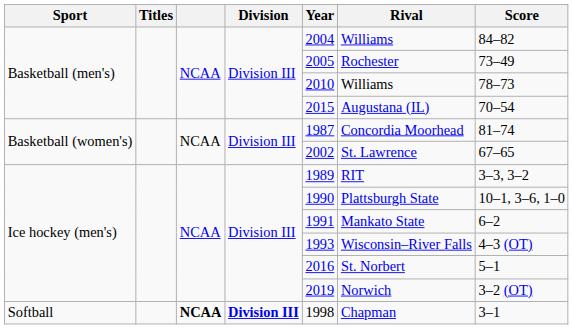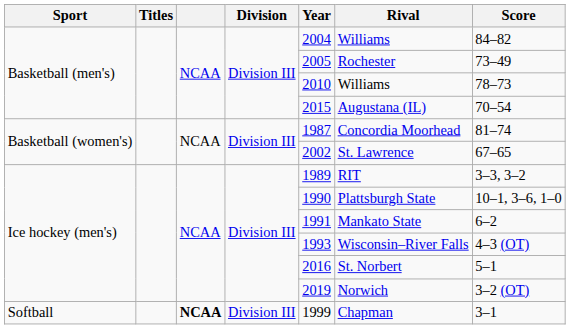 <table class="wikitable">
 <tr>
 <th width=px>Sport</th>
 <th width=px>Titles</th>
 <th width=px></th>
 <th width=px>Division</th>
 <th width=px>Year</th>
 <th width=px>Rival</th>
 <th width=px>Score</th>
 </tr>
 <tr>
 <td rowspan="4">Basketball (men's)</td>
 <td rowspan=4></td>
 <td rowspan="4"><a href='#'>NCAA</a></td>
 <td rowspan="4"><a href='#'>Division III</a></td>
 <td><a href='#'>2004</a></td>
 <td><a href='#'>Williams</a></td>
 <td>84–82</td>
 </tr>
 <tr>
 <td><a href='#'>2005</a></td>
 <td><a href='#'>Rochester</a></td>
 <td>73–49</td>
 </tr>
 <tr>
 <td><a href='#'>2010</a></td>
 <td>Williams</td>
 <td>78–73</td>
 </tr>
 <tr>
 <td><a href='#'>2015</a></td>
 <td><a href='#'>Augustana (IL)</a></td>
 <td>70–54</td>
 </tr>
 <tr>
 <td rowspan="2">Basketball (women's)</td>
 <td rowspan=2></td>
 <td rowspan="2">NCAA</td>
 <td rowspan="2"><a href='#'>Division III</a></td>
 <td><a href='#'>1987</a></td>
 <td><a href='#'>Concordia Moorhead</a></td>
 <td>81–74</td>
 </tr>
 <tr>
 <td><a href='#'>2002</a></td>
 <td><a href='#'>St. Lawrence</a></td>
 <td>67–65</td>
 </tr>
 <tr>
 <td rowspan="6">Ice hockey (men's)</td>
 <td rowspan=6></td>
 <td rowspan="6"><a href='#'>NCAA</a></td>
 <td rowspan="6"><a href='#'>Division III</a></td>
 <td><a href='#'>1989</a></td>
 <td><a href='#'>RIT</a></td>
 <td>3–3, 3–2</td>
 </tr>
 <tr>
 <td><a href='#'>1990</a></td>
 <td><a href='#'>Plattsburgh State</a></td>
 <td>10–1, 3–6, 1–0</td>
 </tr>
 <tr>
 <td><a href='#'>1991</a></td>
 <td><a href='#'>Mankato State</a></td>
 <td>6–2</td>
 </tr>
 <tr>
 <td><a href='#'>1993</a></td>
 <td><a href='#'>Wisconsin–River Falls</a></td>
 <td>4–3 <a href='#'>(OT)</a></td>
 </tr>
 <tr>
 <td><a href='#'>2016</a></td>
 <td><a href='#'>St. Norbert</a></td>
 <td>5–1</td>
 </tr>
 <tr>
 <td><a href='#'>2019</a></td>
 <td><a href='#'>Norwich</a></td>
 <td>3–2 <a href='#'>(OT)</a></td>
 </tr>
 <tr>
 <td rowspan="1">Softball</td>
 <td></td>
 <td rowspan="1"><strong>NCAA</strong></td>
-<td rowspan="1"><strong><a href='#'>Division III</a></strong></td>
-<td>1998</td>
+<td rowspan="1"><a href='#'>Division III</a></td>
+<td>1999</td>
 <td><a href='#'>Chapman</a></td>
 <td>3–1</td>
 </tr>
 </table>
